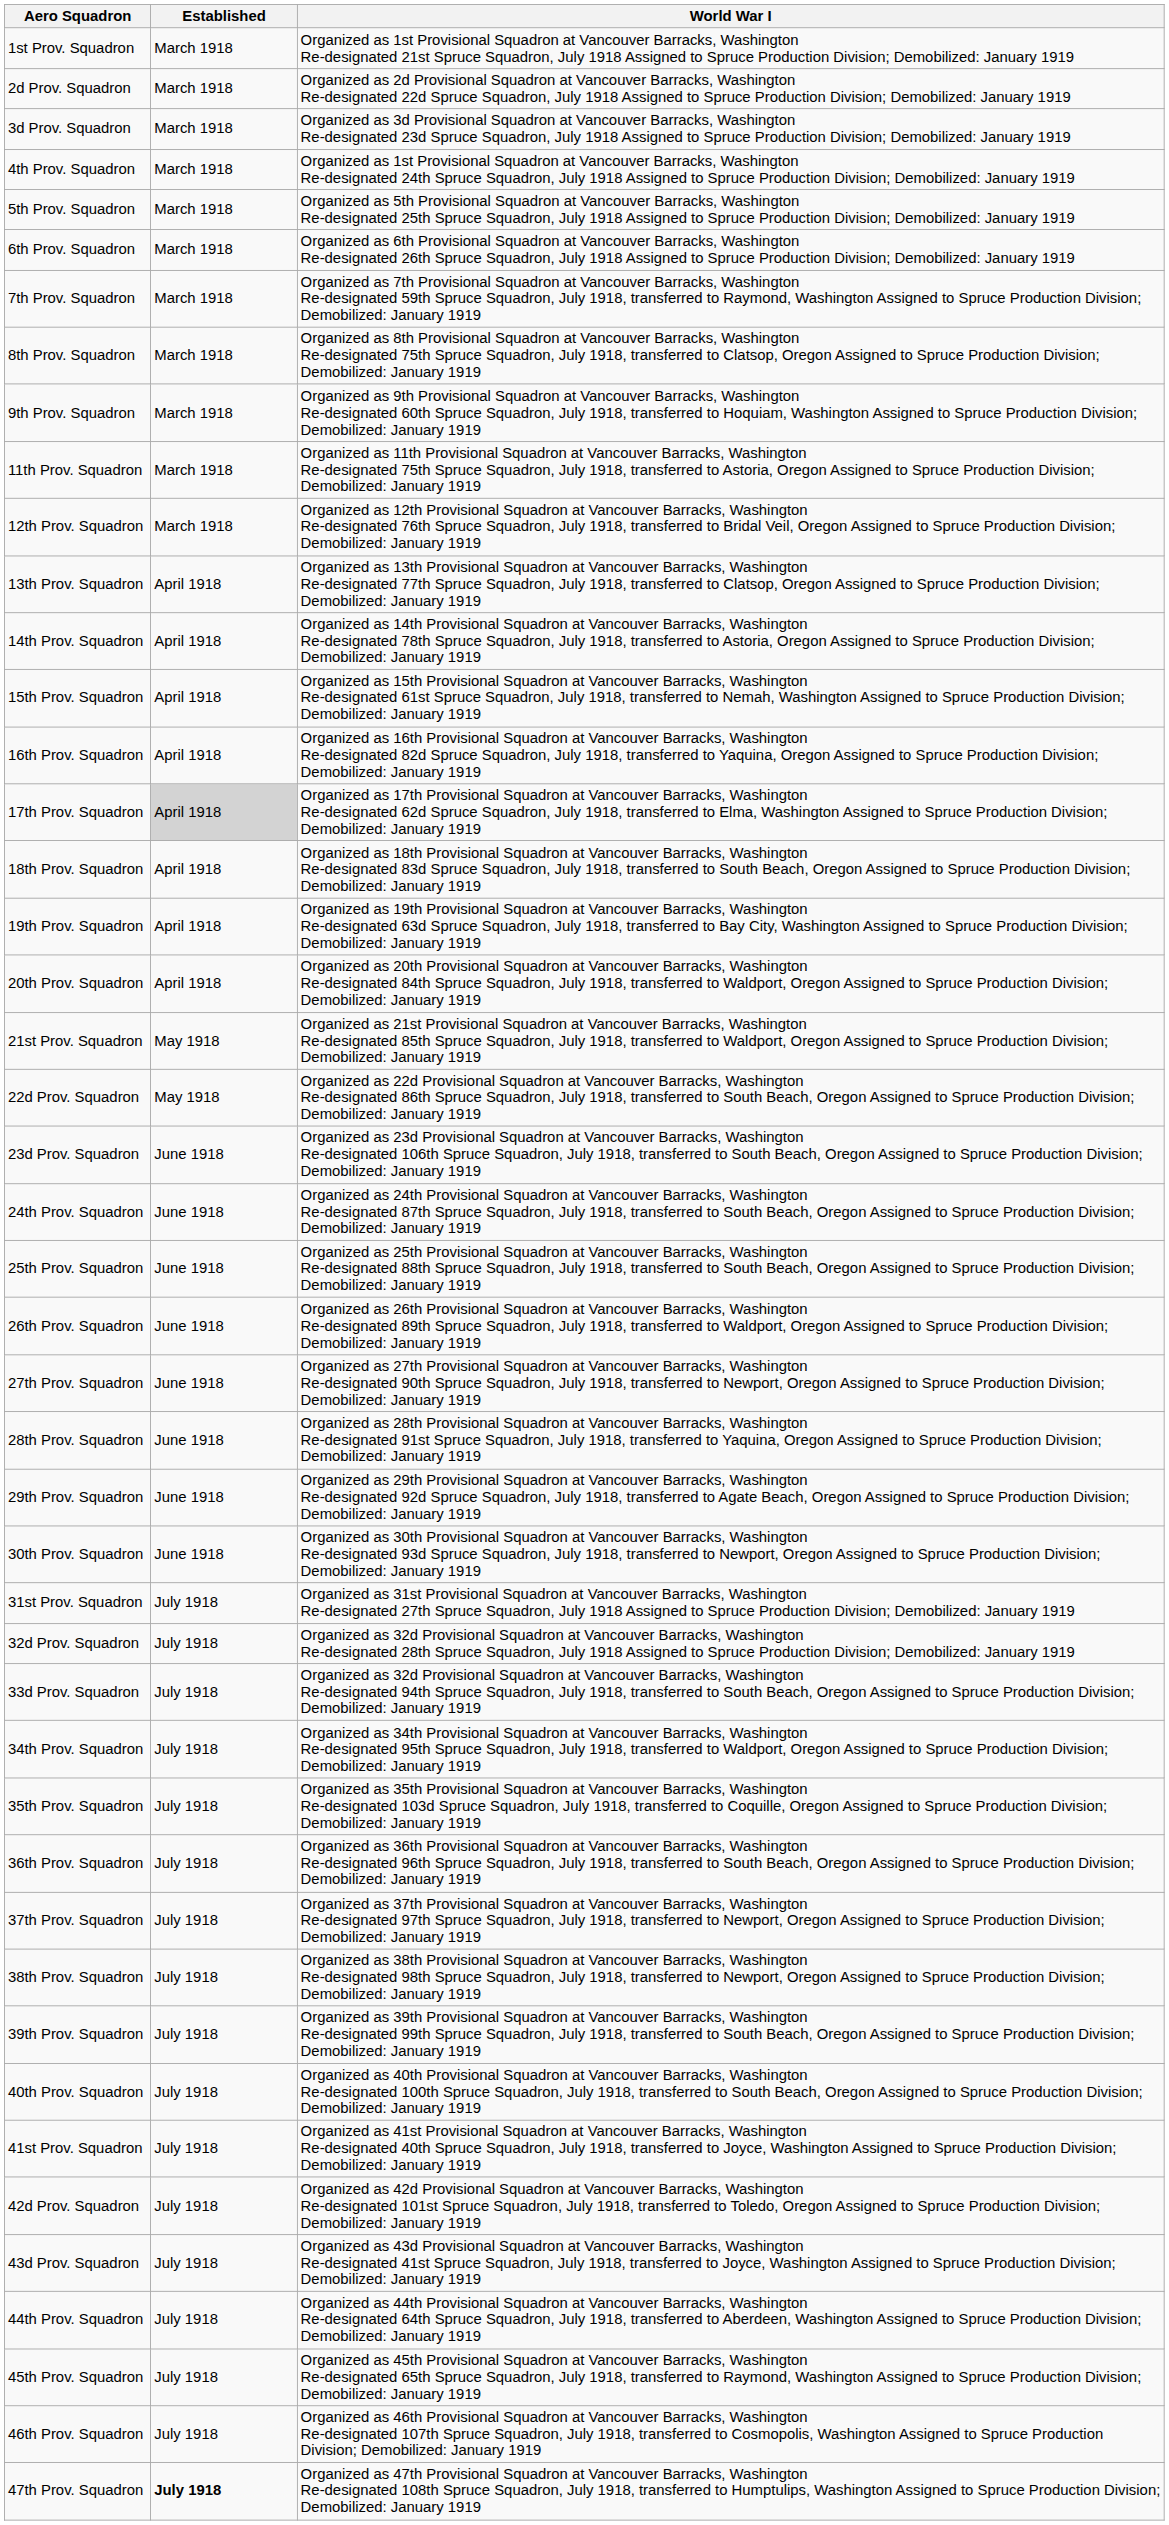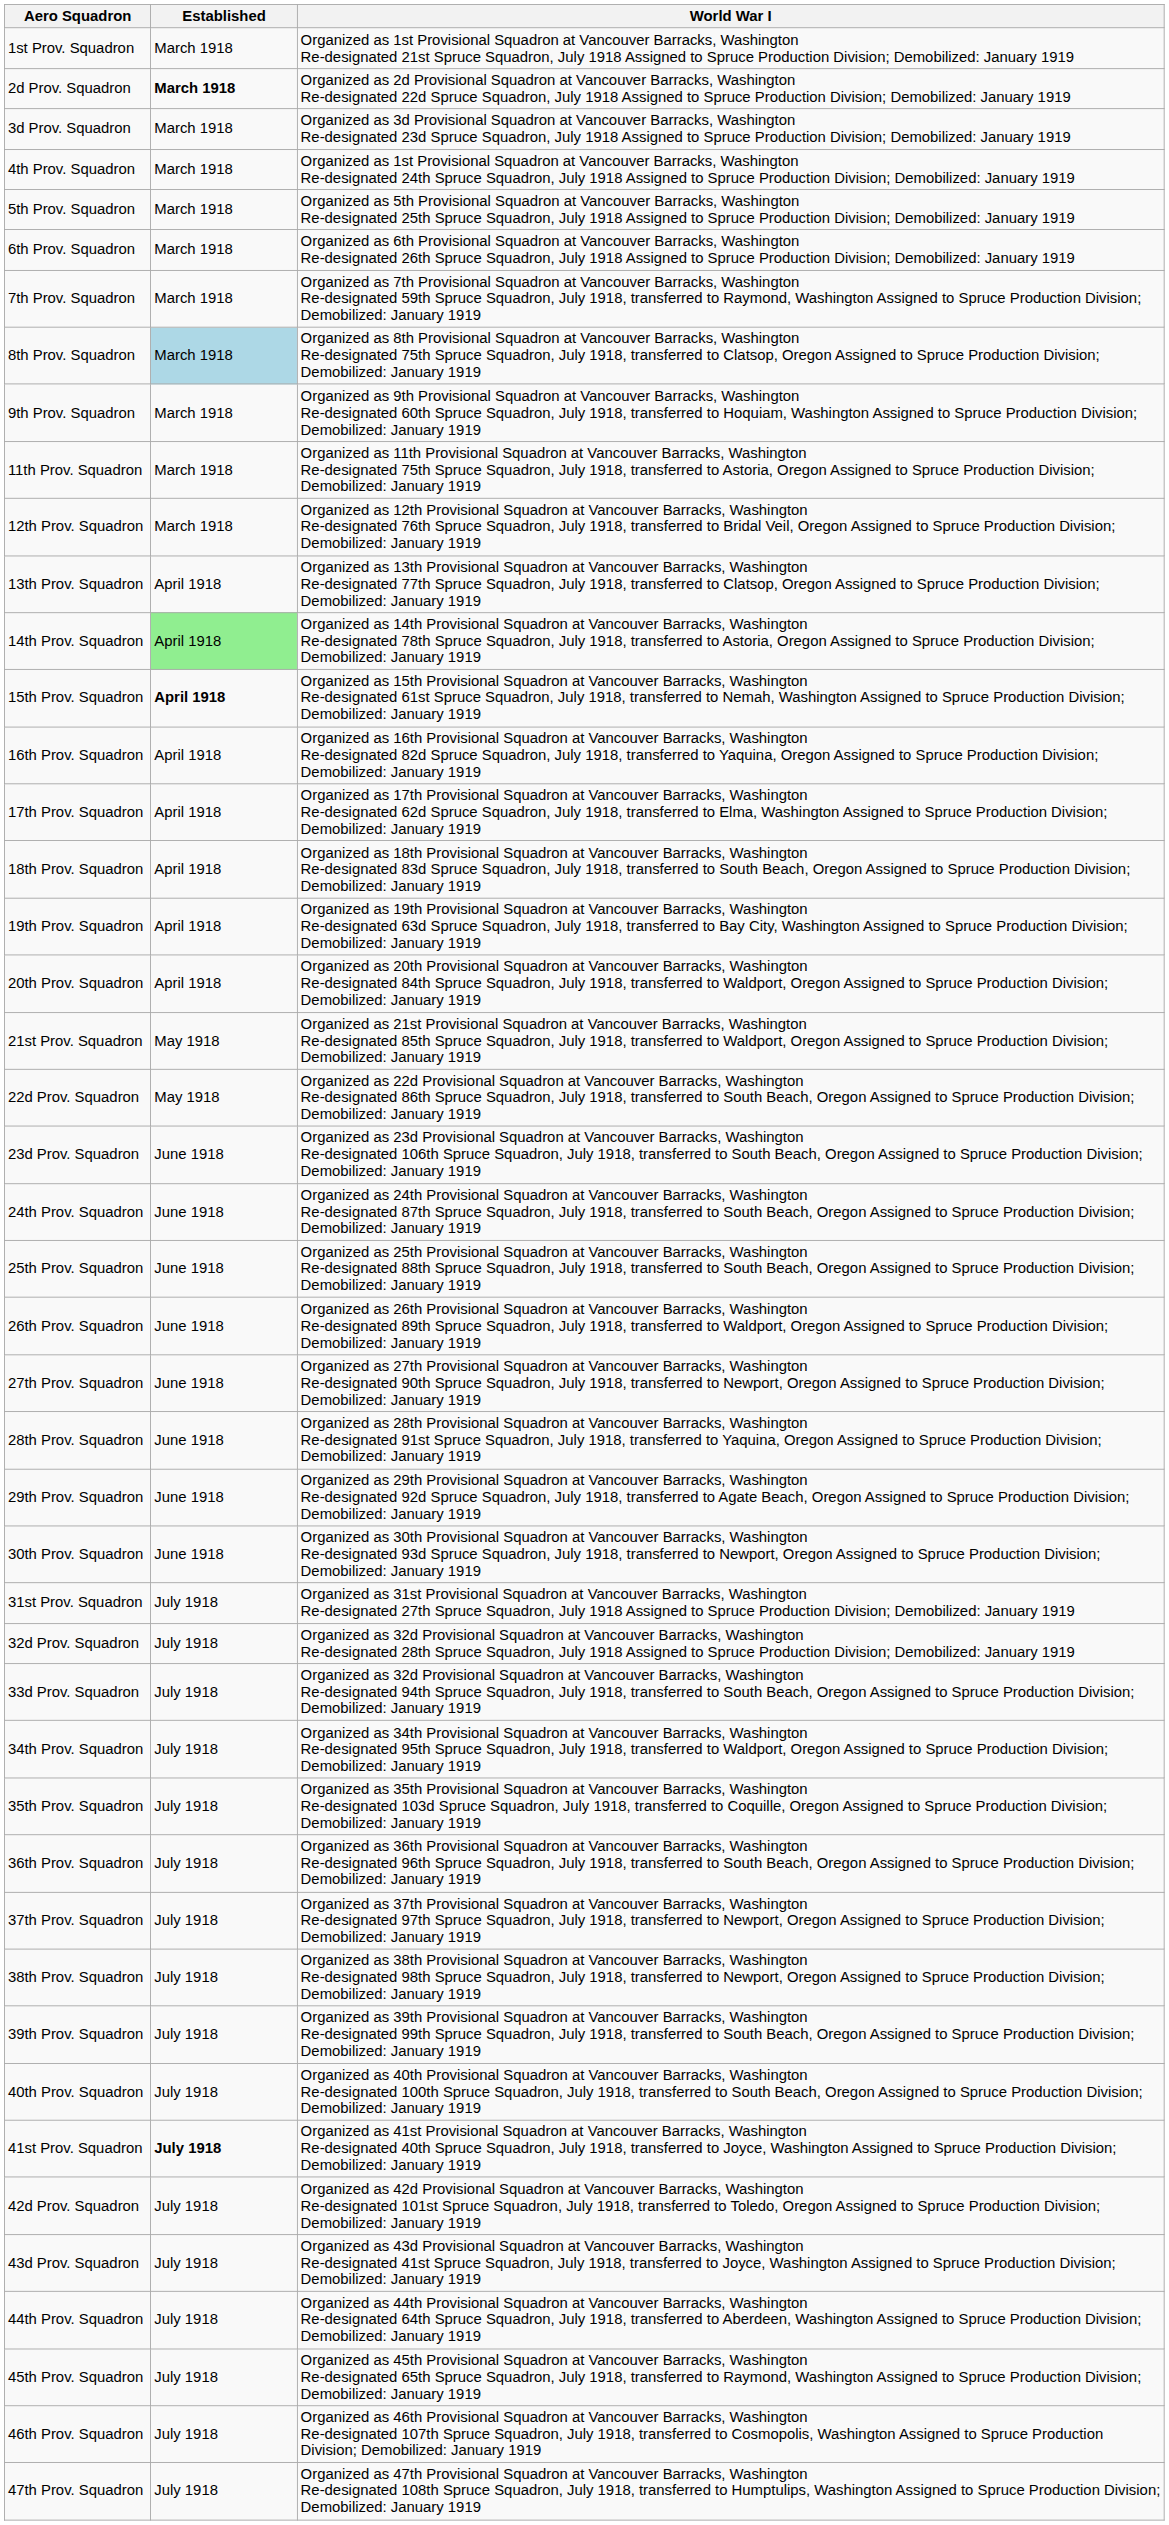 <table class="wikitable">
 <tr>
 <th scope="col" width="150">Aero Squadron</th>
 <th scope="col" width="150">Established</th>
 <th scope="col">World War I</th>
 </tr>
 <tr valign="center">
 <td>1st Prov. Squadron</td>
 <td>March 1918</td>
 <td>Organized as 1st Provisional Squadron at Vancouver Barracks, Washington<br>Re-designated 21st Spruce Squadron, July 1918 Assigned to Spruce Production Division; Demobilized:  January 1919</td>
 </tr>
 <tr valign="center">
 <td>2d Prov. Squadron</td>
-<td>March 1918</td>
+<td><strong>March 1918</strong></td>
 <td>Organized as 2d Provisional Squadron at Vancouver Barracks, Washington<br>Re-designated 22d Spruce Squadron, July 1918 Assigned to Spruce Production Division; Demobilized:  January 1919</td>
 </tr>
 <tr valign="center">
 <td>3d Prov. Squadron</td>
 <td>March 1918</td>
 <td>Organized as 3d Provisional Squadron at Vancouver Barracks, Washington<br>Re-designated 23d Spruce Squadron, July 1918 Assigned to Spruce Production Division; Demobilized:  January 1919</td>
 </tr>
 <tr valign="center">
 <td>4th Prov. Squadron</td>
 <td>March 1918</td>
 <td>Organized as 1st Provisional Squadron at Vancouver Barracks, Washington<br>Re-designated 24th Spruce Squadron, July 1918 Assigned to Spruce Production Division; Demobilized:  January 1919</td>
 </tr>
 <tr valign="center">
 <td>5th Prov. Squadron</td>
 <td>March 1918</td>
 <td>Organized as 5th Provisional Squadron at Vancouver Barracks, Washington<br>Re-designated 25th Spruce Squadron, July 1918 Assigned to Spruce Production Division; Demobilized:  January 1919</td>
 </tr>
 <tr valign="center">
 <td>6th Prov. Squadron</td>
 <td>March 1918</td>
 <td>Organized as 6th Provisional Squadron at Vancouver Barracks, Washington<br>Re-designated 26th Spruce Squadron, July 1918 Assigned to Spruce Production Division; Demobilized:  January 1919</td>
 </tr>
 <tr valign="center">
 <td>7th Prov. Squadron</td>
 <td>March 1918</td>
 <td>Organized as 7th Provisional Squadron at Vancouver Barracks, Washington<br>Re-designated 59th Spruce Squadron, July 1918, transferred to Raymond, Washington Assigned to Spruce Production Division; Demobilized:  January 1919</td>
 </tr>
 <tr valign="center">
 <td>8th Prov. Squadron</td>
-<td>March 1918</td>
+<td style="background: lightblue;">March 1918</td>
 <td>Organized as 8th Provisional Squadron at Vancouver Barracks, Washington<br>Re-designated 75th Spruce Squadron, July 1918, transferred to Clatsop, Oregon Assigned to Spruce Production Division; Demobilized:  January 1919</td>
 </tr>
 <tr valign="center">
 <td>9th Prov. Squadron</td>
 <td>March 1918</td>
 <td>Organized as 9th Provisional Squadron at Vancouver Barracks, Washington<br>Re-designated 60th Spruce Squadron, July 1918, transferred to Hoquiam, Washington Assigned to Spruce Production Division; Demobilized:  January 1919</td>
 </tr>
 <tr valign="center">
 <td>11th Prov. Squadron</td>
 <td>March 1918</td>
 <td>Organized as 11th Provisional Squadron at Vancouver Barracks, Washington<br>Re-designated 75th Spruce Squadron, July 1918, transferred to Astoria, Oregon Assigned to Spruce Production Division; Demobilized:  January 1919</td>
 </tr>
 <tr valign="center">
 <td>12th Prov. Squadron</td>
 <td>March 1918</td>
 <td>Organized as 12th Provisional Squadron at Vancouver Barracks, Washington<br>Re-designated 76th Spruce Squadron, July 1918, transferred to Bridal Veil, Oregon Assigned to Spruce Production Division; Demobilized:  January 1919</td>
 </tr>
 <tr valign="center">
 <td>13th Prov. Squadron</td>
 <td>April 1918</td>
 <td>Organized as 13th Provisional Squadron at Vancouver Barracks, Washington<br>Re-designated 77th Spruce Squadron, July 1918, transferred to Clatsop, Oregon Assigned to Spruce Production Division; Demobilized:  January 1919</td>
 </tr>
 <tr valign="center">
 <td>14th Prov. Squadron</td>
-<td>April 1918</td>
+<td style="background: lightgreen;">April 1918</td>
 <td>Organized as 14th Provisional Squadron at Vancouver Barracks, Washington<br>Re-designated 78th Spruce Squadron, July 1918, transferred to Astoria, Oregon Assigned to Spruce Production Division; Demobilized:  January 1919</td>
 </tr>
 <tr valign="center">
 <td>15th Prov. Squadron</td>
-<td>April 1918</td>
+<td><strong>April 1918</strong></td>
 <td>Organized as 15th Provisional Squadron at Vancouver Barracks, Washington<br>Re-designated 61st Spruce Squadron, July 1918, transferred to Nemah, Washington Assigned to Spruce Production Division; Demobilized:  January 1919</td>
 </tr>
 <tr valign="center">
 <td>16th Prov. Squadron</td>
 <td>April 1918</td>
 <td>Organized as 16th Provisional Squadron at Vancouver Barracks, Washington<br>Re-designated 82d Spruce Squadron, July 1918, transferred to Yaquina, Oregon Assigned to Spruce Production Division; Demobilized:  January 1919</td>
 </tr>
 <tr valign="center">
 <td>17th Prov. Squadron</td>
-<td style="background: lightgrey;">April 1918</td>
+<td>April 1918</td>
 <td>Organized as 17th Provisional Squadron at Vancouver Barracks, Washington<br>Re-designated 62d Spruce Squadron, July 1918, transferred to Elma, Washington Assigned to Spruce Production Division; Demobilized:  January 1919</td>
 </tr>
 <tr valign="center">
 <td>18th Prov. Squadron</td>
 <td>April 1918</td>
 <td>Organized as 18th Provisional Squadron at Vancouver Barracks, Washington<br>Re-designated 83d Spruce Squadron, July 1918, transferred to South Beach, Oregon Assigned to Spruce Production Division; Demobilized:  January 1919</td>
 </tr>
 <tr valign="center">
 <td>19th Prov. Squadron</td>
 <td>April 1918</td>
 <td>Organized as 19th Provisional Squadron at Vancouver Barracks, Washington<br>Re-designated 63d Spruce Squadron, July 1918, transferred to Bay City, Washington Assigned to Spruce Production Division; Demobilized:  January 1919</td>
 </tr>
 <tr valign="center">
 <td>20th Prov. Squadron</td>
 <td>April 1918</td>
 <td>Organized as 20th Provisional Squadron at Vancouver Barracks, Washington<br>Re-designated 84th Spruce Squadron, July 1918, transferred to Waldport, Oregon Assigned to Spruce Production Division; Demobilized:  January 1919</td>
 </tr>
 <tr valign="center">
 <td>21st Prov. Squadron</td>
 <td>May 1918</td>
 <td>Organized as 21st Provisional Squadron at Vancouver Barracks, Washington<br>Re-designated 85th Spruce Squadron, July 1918, transferred to Waldport, Oregon Assigned to Spruce Production Division; Demobilized:  January 1919</td>
 </tr>
 <tr valign="center">
 <td>22d Prov. Squadron</td>
 <td>May 1918</td>
 <td>Organized as 22d Provisional Squadron at Vancouver Barracks, Washington<br>Re-designated 86th Spruce Squadron, July 1918, transferred to South Beach, Oregon Assigned to Spruce Production Division; Demobilized:  January 1919</td>
 </tr>
 <tr valign="center">
 <td>23d Prov. Squadron</td>
 <td>June 1918</td>
 <td>Organized as 23d Provisional Squadron at Vancouver Barracks, Washington<br>Re-designated 106th Spruce Squadron, July 1918, transferred to South Beach, Oregon Assigned to Spruce Production Division; Demobilized:  January 1919</td>
 </tr>
 <tr valign="center">
 <td>24th Prov. Squadron</td>
 <td>June 1918</td>
 <td>Organized as 24th Provisional Squadron at Vancouver Barracks, Washington<br>Re-designated 87th Spruce Squadron, July 1918, transferred to South Beach, Oregon Assigned to Spruce Production Division; Demobilized:  January 1919</td>
 </tr>
 <tr valign="center">
 <td>25th Prov. Squadron</td>
 <td>June 1918</td>
 <td>Organized as 25th Provisional Squadron at Vancouver Barracks, Washington<br>Re-designated 88th Spruce Squadron, July 1918, transferred to South Beach, Oregon Assigned to Spruce Production Division; Demobilized:  January 1919</td>
 </tr>
 <tr valign="center">
 <td>26th Prov. Squadron</td>
 <td>June 1918</td>
 <td>Organized as 26th Provisional Squadron at Vancouver Barracks, Washington<br>Re-designated 89th Spruce Squadron, July 1918, transferred to Waldport, Oregon Assigned to Spruce Production Division; Demobilized:  January 1919</td>
 </tr>
 <tr valign="center">
 <td>27th Prov. Squadron</td>
 <td>June 1918</td>
 <td>Organized as 27th Provisional Squadron at Vancouver Barracks, Washington<br>Re-designated 90th Spruce Squadron, July 1918, transferred to Newport, Oregon Assigned to Spruce Production Division; Demobilized:  January 1919</td>
 </tr>
 <tr valign="center">
 <td>28th Prov. Squadron</td>
 <td>June 1918</td>
 <td>Organized as 28th Provisional Squadron at Vancouver Barracks, Washington<br>Re-designated 91st Spruce Squadron, July 1918, transferred to Yaquina, Oregon Assigned to Spruce Production Division; Demobilized:  January 1919</td>
 </tr>
 <tr valign="center">
 <td>29th Prov. Squadron</td>
 <td>June 1918</td>
 <td>Organized as 29th Provisional Squadron at Vancouver Barracks, Washington<br>Re-designated 92d Spruce Squadron, July 1918, transferred to Agate Beach, Oregon Assigned to Spruce Production Division; Demobilized:  January 1919</td>
 </tr>
 <tr valign="center">
 <td>30th Prov. Squadron</td>
 <td>June 1918</td>
 <td>Organized as 30th Provisional Squadron at Vancouver Barracks, Washington<br>Re-designated 93d Spruce Squadron, July 1918, transferred to Newport, Oregon Assigned to Spruce Production Division; Demobilized:  January 1919</td>
 </tr>
 <tr valign="center">
 <td>31st Prov. Squadron</td>
 <td>July 1918</td>
 <td>Organized as 31st Provisional Squadron at Vancouver Barracks, Washington<br>Re-designated 27th Spruce Squadron, July 1918 Assigned to Spruce Production Division; Demobilized:  January 1919</td>
 </tr>
 <tr valign="center">
 <td>32d Prov. Squadron</td>
 <td>July 1918</td>
 <td>Organized as 32d Provisional Squadron at Vancouver Barracks, Washington<br>Re-designated 28th Spruce Squadron, July 1918 Assigned to Spruce Production Division; Demobilized:  January 1919</td>
 </tr>
 <tr valign="center">
 <td>33d Prov. Squadron</td>
 <td>July 1918</td>
 <td>Organized as 32d Provisional Squadron at Vancouver Barracks, Washington<br>Re-designated 94th Spruce Squadron, July 1918, transferred to South Beach, Oregon Assigned to Spruce Production Division; Demobilized:  January 1919</td>
 </tr>
 <tr valign="center">
 <td>34th Prov. Squadron</td>
 <td>July 1918</td>
 <td>Organized as 34th Provisional Squadron at Vancouver Barracks, Washington<br>Re-designated 95th Spruce Squadron, July 1918, transferred to Waldport, Oregon Assigned to Spruce Production Division; Demobilized:  January 1919</td>
 </tr>
 <tr valign="center">
 <td>35th Prov. Squadron</td>
 <td>July 1918</td>
 <td>Organized as 35th Provisional Squadron at Vancouver Barracks, Washington<br>Re-designated 103d Spruce Squadron, July 1918, transferred to Coquille, Oregon Assigned to Spruce Production Division; Demobilized:  January 1919</td>
 </tr>
 <tr valign="center">
 <td>36th Prov. Squadron</td>
 <td>July 1918</td>
 <td>Organized as 36th Provisional Squadron at Vancouver Barracks, Washington<br>Re-designated 96th Spruce Squadron, July 1918, transferred to South Beach, Oregon Assigned to Spruce Production Division; Demobilized:  January 1919</td>
 </tr>
 <tr valign="center">
 <td>37th Prov. Squadron</td>
 <td>July 1918</td>
 <td>Organized as 37th Provisional Squadron at Vancouver Barracks, Washington<br>Re-designated 97th Spruce Squadron, July 1918, transferred to Newport, Oregon Assigned to Spruce Production Division; Demobilized:  January 1919</td>
 </tr>
 <tr valign="center">
 <td>38th Prov. Squadron</td>
 <td>July 1918</td>
 <td>Organized as 38th Provisional Squadron at Vancouver Barracks, Washington<br>Re-designated 98th Spruce Squadron, July 1918, transferred to Newport, Oregon Assigned to Spruce Production Division; Demobilized:  January 1919</td>
 </tr>
 <tr valign="center">
 <td>39th Prov. Squadron</td>
 <td>July 1918</td>
 <td>Organized as 39th Provisional Squadron at Vancouver Barracks, Washington<br>Re-designated 99th Spruce Squadron, July 1918, transferred to South Beach, Oregon Assigned to Spruce Production Division; Demobilized:  January 1919</td>
 </tr>
 <tr valign="center">
 <td>40th Prov. Squadron</td>
 <td>July 1918</td>
 <td>Organized as 40th Provisional Squadron at Vancouver Barracks, Washington<br>Re-designated 100th Spruce Squadron, July 1918, transferred to South Beach, Oregon Assigned to Spruce Production Division; Demobilized:  January 1919</td>
 </tr>
 <tr valign="center">
 <td>41st Prov. Squadron</td>
-<td>July 1918</td>
+<td><strong>July 1918</strong></td>
 <td>Organized as 41st Provisional Squadron at Vancouver Barracks, Washington<br>Re-designated 40th Spruce Squadron, July 1918, transferred to Joyce, Washington Assigned to Spruce Production Division; Demobilized:  January 1919</td>
 </tr>
 <tr valign="center">
 <td>42d Prov. Squadron</td>
 <td>July 1918</td>
 <td>Organized as 42d Provisional Squadron at Vancouver Barracks, Washington<br>Re-designated 101st Spruce Squadron, July 1918, transferred to Toledo, Oregon Assigned to Spruce Production Division; Demobilized:  January 1919</td>
 </tr>
 <tr valign="center">
 <td>43d Prov. Squadron</td>
 <td>July 1918</td>
 <td>Organized as 43d Provisional Squadron at Vancouver Barracks, Washington<br>Re-designated 41st Spruce Squadron, July 1918, transferred to Joyce, Washington Assigned to Spruce Production Division; Demobilized:  January 1919</td>
 </tr>
 <tr valign="center">
 <td>44th Prov. Squadron</td>
 <td>July 1918</td>
 <td>Organized as 44th Provisional Squadron at Vancouver Barracks, Washington<br>Re-designated 64th Spruce Squadron, July 1918, transferred to Aberdeen, Washington Assigned to Spruce Production Division; Demobilized:  January 1919</td>
 </tr>
 <tr valign="center">
 <td>45th Prov. Squadron</td>
 <td>July 1918</td>
 <td>Organized as 45th Provisional Squadron at Vancouver Barracks, Washington<br>Re-designated 65th Spruce Squadron, July 1918, transferred to Raymond, Washington Assigned to Spruce Production Division; Demobilized:  January 1919</td>
 </tr>
 <tr valign="center">
 <td>46th Prov. Squadron</td>
 <td>July 1918</td>
 <td>Organized as 46th Provisional Squadron at Vancouver Barracks, Washington<br>Re-designated 107th Spruce Squadron, July 1918, transferred to Cosmopolis, Washington Assigned to Spruce Production Division; Demobilized:  January 1919</td>
 </tr>
 <tr valign="center">
 <td>47th Prov. Squadron</td>
-<td><strong>July 1918</strong></td>
+<td>July 1918</td>
 <td>Organized as 47th Provisional Squadron at Vancouver Barracks, Washington<br>Re-designated 108th Spruce Squadron, July 1918, transferred to Humptulips, Washington Assigned to Spruce Production Division; Demobilized:  January 1919</td>
 </tr>
 </table>
